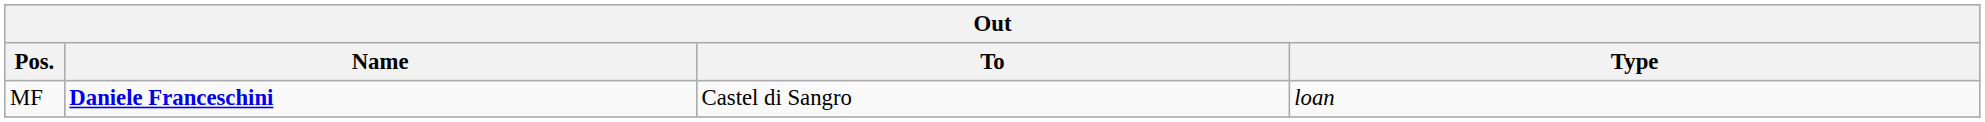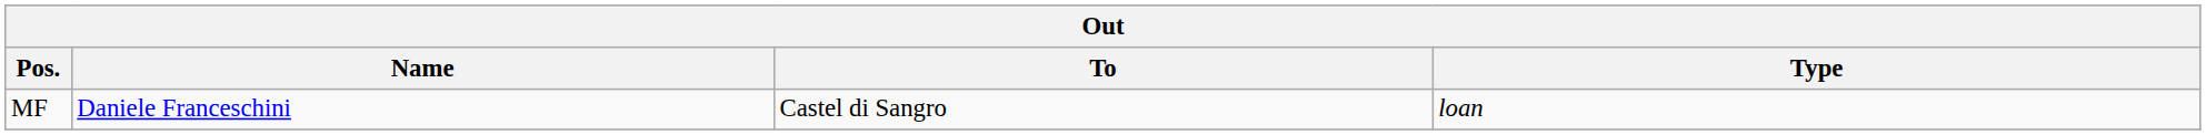 <table class="wikitable" style="font-size:90%;width:99%;">
 <tr>
 <th colspan="4">Out</th>
 </tr>
 <tr>
 <th width=3%>Pos.</th>
 <th width=32%>Name</th>
 <th width=30%>To</th>
 <th width=35%>Type</th>
 </tr>
 <tr>
 <td>MF</td>
-<td><strong><a href='#'>Daniele Franceschini</a></strong></td>
+<td><a href='#'>Daniele Franceschini</a></td>
 <td>Castel di Sangro</td>
 <td><em>loan</em></td>
 </tr>
 </table>
